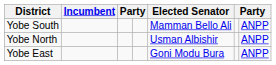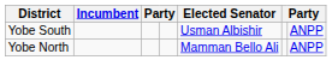 <table class="sortable wikitable" style="font-size:95%;line-height:14px;">
 <tr>
 <th class="unsortable">District</th>
 <th class="unsortable"><a href='#'>Incumbent</a></th>
 <th colspan="2">Party</th>
 <th class="unsortable">Elected Senator</th>
 <th colspan="2">Party</th>
 </tr>
 <tr>
 <td>Yobe South</td>
 <td></td>
 <td></td>
 <td></td>
-<td><a href='#'>Mamman Bello Ali</a></td>
+<td><a href='#'>Usman Albishir</a></td>
 <td style="background:"></td>
 <td><a href='#'>ANPP</a></td>
 </tr>
 <tr>
 <td>Yobe North</td>
 <td></td>
 <td></td>
 <td></td>
-<td><a href='#'>Usman Albishir</a></td>
-<td style="background:"></td>
-<td><a href='#'>ANPP</a></td>
-</tr>
-<tr>
-<td>Yobe East</td>
-<td></td>
-<td></td>
-<td></td>
-<td><a href='#'>Goni Modu Bura</a></td>
+<td><a href='#'>Mamman Bello Ali</a></td>
 <td style="background:"></td>
 <td><a href='#'>ANPP</a></td>
 </tr>
 </table>
